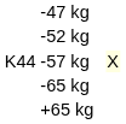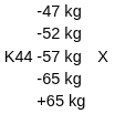 <table>
 <tr>
 <td rowspan="10">K44</td>
 <td rowspan="2">-47 kg</td>
 <td rowspan="2"></td>
 <td rowspan="2"></td>
 <td></td>
 </tr>
 <tr>
 <td></td>
 </tr>
 <tr>
 <td rowspan="2">-52 kg</td>
 <td rowspan="2"></td>
 <td rowspan="2"></td>
 <td></td>
 </tr>
 <tr>
 <td></td>
 </tr>
 <tr>
 <td>-57 kg</td>
 <td></td>
 <td></td>
-<td style="background: lightyellow;">X</td>
+<td>X</td>
 </tr>
 <tr>
 <td rowspan="2">-65 kg</td>
 <td rowspan="2"></td>
 <td rowspan="2"></td>
 <td></td>
 </tr>
 <tr>
 <td></td>
 </tr>
 <tr>
 <td rowspan="2">+65 kg</td>
 <td rowspan="2"></td>
 <td rowspan="2"></td>
 <td></td>
 </tr>
 <tr>
 <td></td>
 </tr>
 </table>
